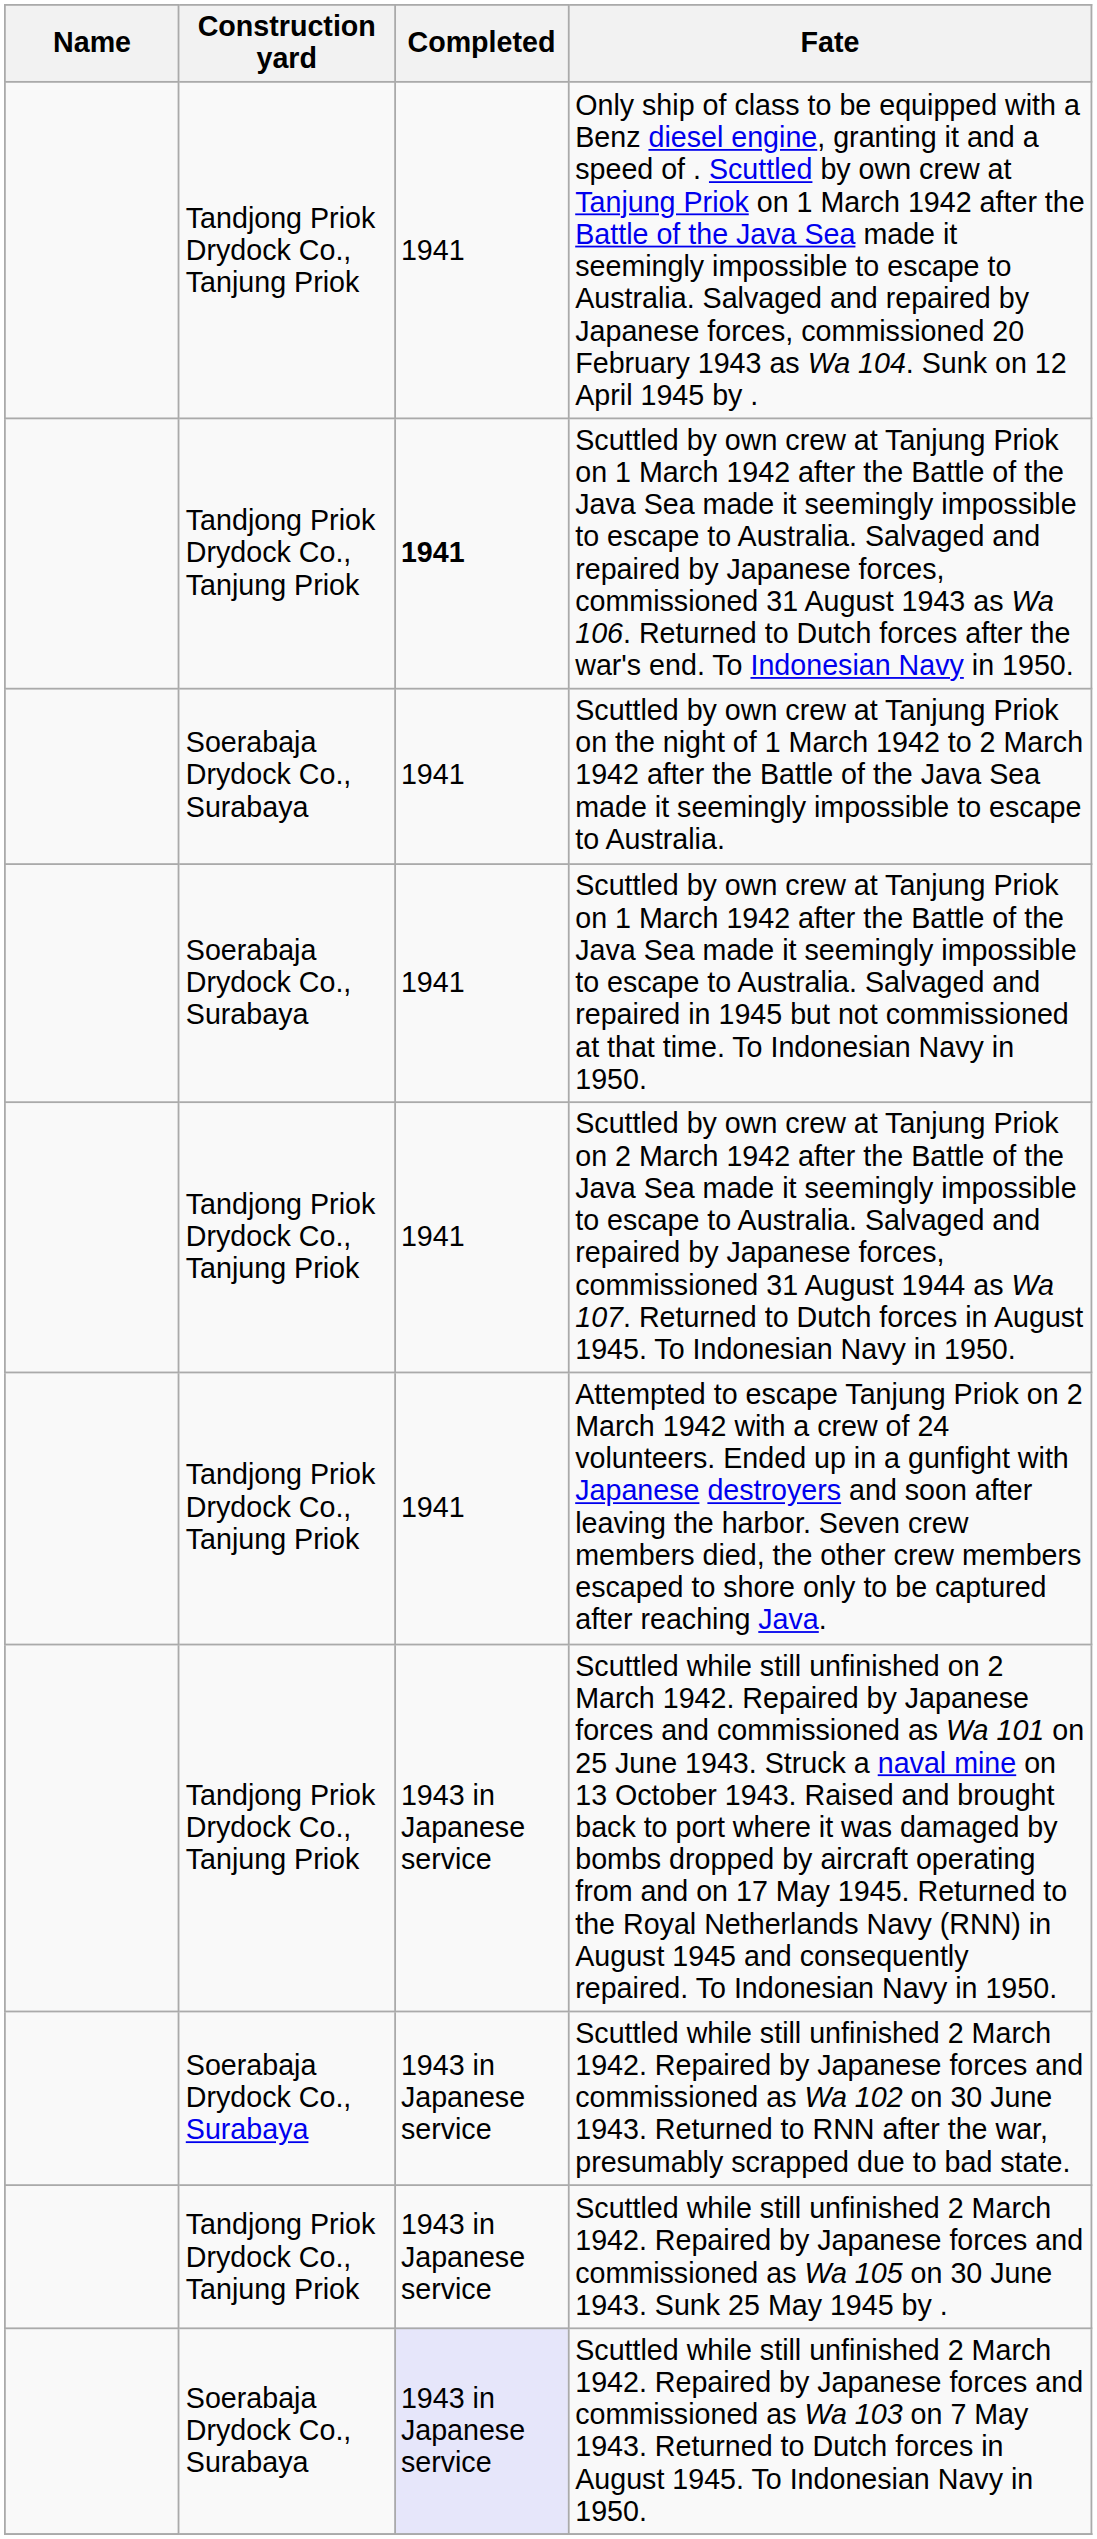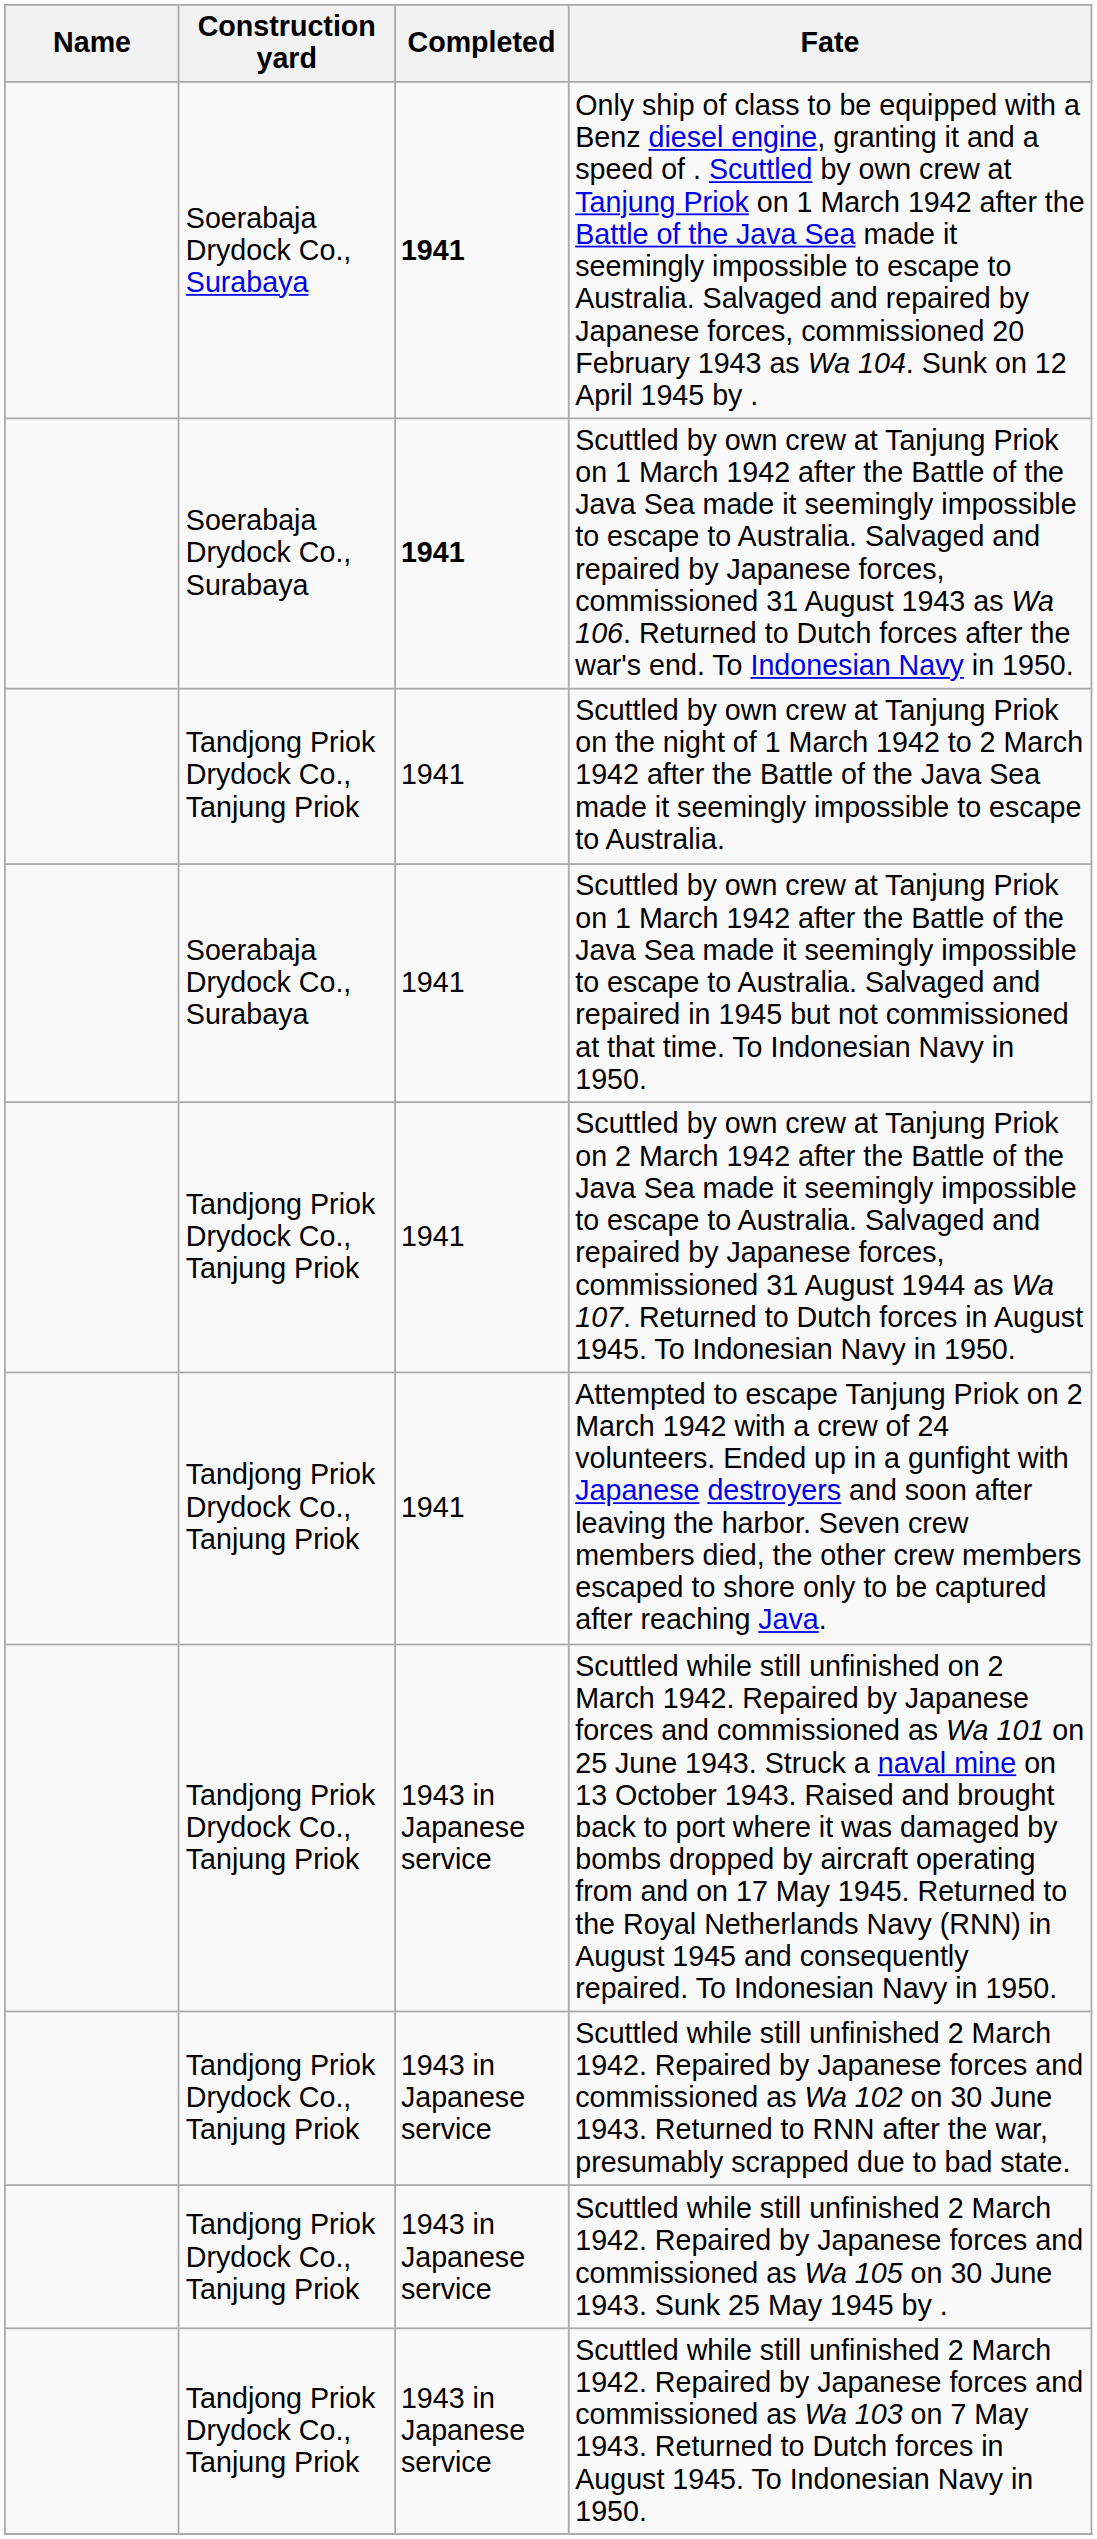 <table class="wikitable">
 <tr>
 <th width="90">Name</th>
 <th>Construction yard</th>
 <th width="90">Completed</th>
 <th>Fate</th>
 </tr>
 <tr>
 <td></td>
-<td>Tandjong Priok Drydock Co., Tanjung Priok</td>
-<td>1941</td>
+<td>Soerabaja Drydock Co., <a href='#'>Surabaya</a></td>
+<td><strong>1941</strong></td>
 <td>Only ship of class to be equipped with a Benz <a href='#'>diesel engine</a>, granting it  and a speed of . <a href='#'>Scuttled</a> by own crew at <a href='#'>Tanjung Priok</a> on 1 March 1942 after the <a href='#'>Battle of the Java Sea</a> made it seemingly impossible to escape to Australia. Salvaged and repaired by Japanese forces, commissioned 20 February 1943 as <em>Wa 104</em>. Sunk on 12 April 1945 by .</td>
 </tr>
 <tr>
 <td></td>
-<td>Tandjong Priok Drydock Co., Tanjung Priok</td>
+<td>Soerabaja Drydock Co., Surabaya</td>
 <td><strong>1941</strong></td>
 <td>Scuttled by own crew at Tanjung Priok on 1 March 1942 after the Battle of the Java Sea made it seemingly impossible to escape to Australia. Salvaged and repaired by Japanese forces, commissioned 31 August 1943 as <em>Wa 106</em>. Returned to Dutch forces after the war's end. To <a href='#'>Indonesian Navy</a> in 1950.</td>
 </tr>
 <tr>
 <td></td>
-<td>Soerabaja Drydock Co., Surabaya</td>
+<td>Tandjong Priok Drydock Co., Tanjung Priok</td>
 <td>1941</td>
 <td>Scuttled by own crew at Tanjung Priok on the night of 1 March 1942 to 2 March 1942 after the Battle of the Java Sea made it seemingly impossible to escape to Australia.</td>
 </tr>
 <tr>
 <td></td>
 <td>Soerabaja Drydock Co., Surabaya</td>
 <td>1941</td>
 <td>Scuttled by own crew at Tanjung Priok on 1 March 1942 after the Battle of the Java Sea made it seemingly impossible to escape to Australia. Salvaged and repaired in 1945 but not commissioned at that time. To Indonesian Navy in 1950.</td>
 </tr>
 <tr>
 <td></td>
 <td>Tandjong Priok Drydock Co., Tanjung Priok</td>
 <td>1941</td>
 <td>Scuttled by own crew at Tanjung Priok on 2 March 1942 after the Battle of the Java Sea made it seemingly impossible to escape to Australia. Salvaged and repaired by Japanese forces, commissioned 31 August 1944 as <em>Wa 107</em>. Returned to Dutch forces in August 1945. To Indonesian Navy in 1950.</td>
 </tr>
 <tr>
 <td></td>
 <td>Tandjong Priok Drydock Co., Tanjung Priok</td>
 <td>1941</td>
 <td>Attempted to escape Tanjung Priok on 2 March 1942 with a crew of 24 volunteers. Ended up in a gunfight with <a href='#'>Japanese</a> <a href='#'>destroyers</a>   and  soon after leaving the harbor. Seven crew members died, the other crew members escaped to shore only to be captured after reaching <a href='#'>Java</a>.</td>
 </tr>
 <tr>
 <td></td>
 <td>Tandjong Priok Drydock Co., Tanjung Priok</td>
 <td>1943 in Japanese service</td>
 <td>Scuttled while still unfinished on 2 March 1942. Repaired by Japanese forces and commissioned as <em>Wa 101</em> on 25 June 1943. Struck a <a href='#'>naval mine</a> on 13 October 1943. Raised and brought back to port where it was damaged by bombs dropped by aircraft operating from  and  on 17 May 1945. Returned to the Royal Netherlands Navy (RNN) in August 1945 and consequently repaired. To Indonesian Navy in 1950.</td>
 </tr>
 <tr>
 <td></td>
-<td>Soerabaja Drydock Co., <a href='#'>Surabaya</a></td>
+<td>Tandjong Priok Drydock Co., Tanjung Priok</td>
 <td>1943 in Japanese service</td>
 <td>Scuttled while still unfinished 2 March 1942. Repaired by Japanese forces and commissioned as <em>Wa 102</em> on 30 June 1943. Returned to RNN after the war, presumably scrapped due to bad state.</td>
 </tr>
 <tr>
 <td></td>
 <td>Tandjong Priok Drydock Co., Tanjung Priok</td>
 <td>1943 in Japanese service</td>
 <td>Scuttled while still unfinished 2 March 1942. Repaired by Japanese forces and commissioned as <em>Wa 105</em> on 30 June 1943. Sunk 25 May 1945 by .</td>
 </tr>
 <tr>
 <td></td>
-<td>Soerabaja Drydock Co., Surabaya</td>
-<td style="background: lavender;">1943 in Japanese service</td>
+<td>Tandjong Priok Drydock Co., Tanjung Priok</td>
+<td>1943 in Japanese service</td>
 <td>Scuttled while still unfinished 2 March 1942. Repaired by Japanese forces and commissioned as <em>Wa 103</em> on 7 May 1943. Returned to Dutch forces in August 1945. To Indonesian Navy in 1950.</td>
 </tr>
 <tr>
 </tr>
 </table>
